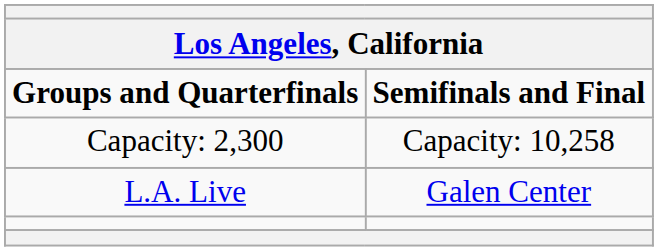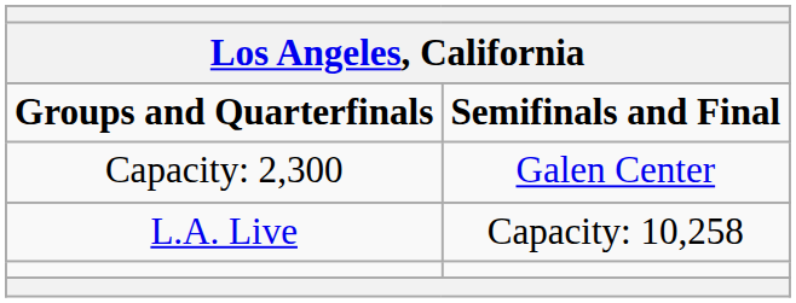 <table class="wikitable" style="text-align:center">
 <tr>
 <th colspan="2"></th>
 </tr>
 <tr>
 <th colspan="2"><a href='#'>Los Angeles</a>, California</th>
 </tr>
 <tr>
 <td><strong>Groups and Quarterfinals</strong></td>
 <td><strong>Semifinals and Final</strong></td>
 </tr>
 <tr>
 <td>Capacity: 2,300</td>
-<td>Capacity: 10,258</td>
+<td><a href='#'>Galen Center</a></td>
 </tr>
 <tr>
 <td><a href='#'>L.A. Live</a></td>
-<td><a href='#'>Galen Center</a></td>
+<td>Capacity: 10,258</td>
 </tr>
 <tr>
 <td></td>
 <td></td>
 </tr>
 <tr>
 <th colspan="2"></th>
 </tr>
 </table>
